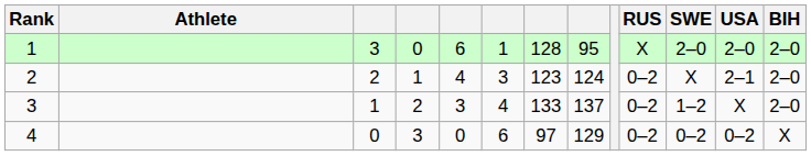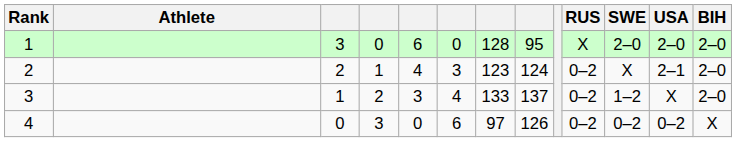 <table class="wikitable" style="text-align:center">
 <tr>
 <th>Rank</th>
 <th width=250>Athlete</th>
 <th width=30></th>
 <th width=30></th>
 <th width=30></th>
 <th width=30></th>
 <th width=30></th>
 <th width=30></th>
 <th rowspan=5></th>
 <th width=30>RUS</th>
 <th width=30>SWE</th>
 <th width=30>USA</th>
 <th width=30>BIH</th>
 </tr>
 <tr style="background-color:#ccffcc;">
 <td>1</td>
 <td align=left></td>
 <td>3</td>
 <td>0</td>
 <td>6</td>
-<td>1</td>
+<td>0</td>
 <td>128</td>
 <td>95</td>
 <td>X</td>
 <td>2–0</td>
 <td>2–0</td>
 <td>2–0</td>
 </tr>
 <tr>
 <td>2</td>
 <td align=left></td>
 <td>2</td>
 <td>1</td>
 <td>4</td>
 <td>3</td>
 <td>123</td>
 <td>124</td>
 <td>0–2</td>
 <td>X</td>
 <td>2–1</td>
 <td>2–0</td>
 </tr>
 <tr>
 <td>3</td>
 <td align=left></td>
 <td>1</td>
 <td>2</td>
 <td>3</td>
 <td>4</td>
 <td>133</td>
 <td>137</td>
 <td>0–2</td>
 <td>1–2</td>
 <td>X</td>
 <td>2–0</td>
 </tr>
 <tr>
 <td>4</td>
 <td align=left></td>
 <td>0</td>
 <td>3</td>
 <td>0</td>
 <td>6</td>
 <td>97</td>
-<td>129</td>
+<td>126</td>
 <td>0–2</td>
 <td>0–2</td>
 <td>0–2</td>
 <td>X</td>
 </tr>
 </table>
